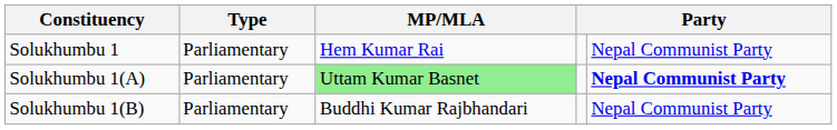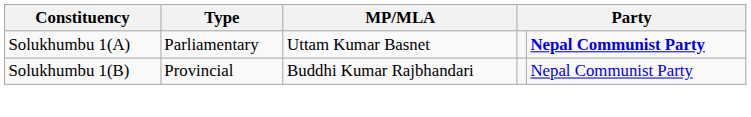 <table class="wikitable" width="80%">
 <tr>
 <th>Constituency</th>
 <th>Type</th>
 <th>MP/MLA</th>
 <th colspan="2">Party</th>
 </tr>
 <tr>
-<td>Solukhumbu 1</td>
-<td>Parliamentary</td>
-<td><a href='#'>Hem Kumar Rai</a></td>
-<td></td>
-<td><a href='#'>Nepal Communist Party</a></td>
-</tr>
-<tr>
 <td>Solukhumbu 1(A)</td>
 <td>Parliamentary</td>
-<td style="background: lightgreen;">Uttam Kumar Basnet</td>
+<td>Uttam Kumar Basnet</td>
 <td></td>
 <td><strong><a href='#'>Nepal Communist Party</a></strong></td>
 </tr>
 <tr>
 <td>Solukhumbu 1(B)</td>
-<td>Parliamentary</td>
+<td>Provincial</td>
 <td>Buddhi Kumar Rajbhandari</td>
 <td></td>
 <td><a href='#'>Nepal Communist Party</a></td>
 </tr>
 </table>
